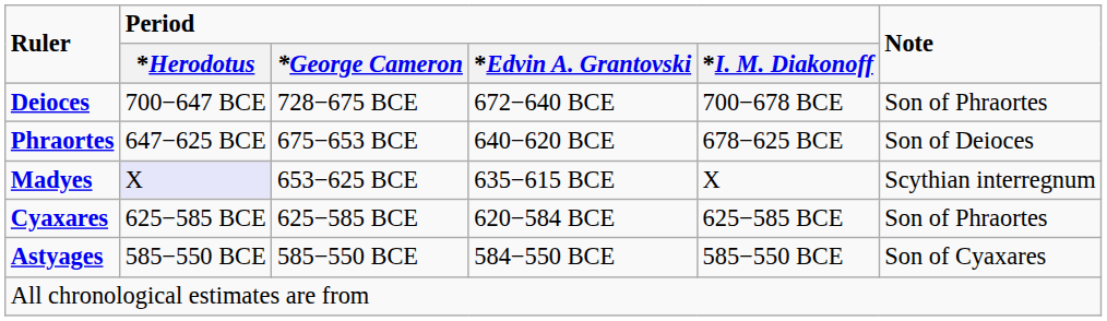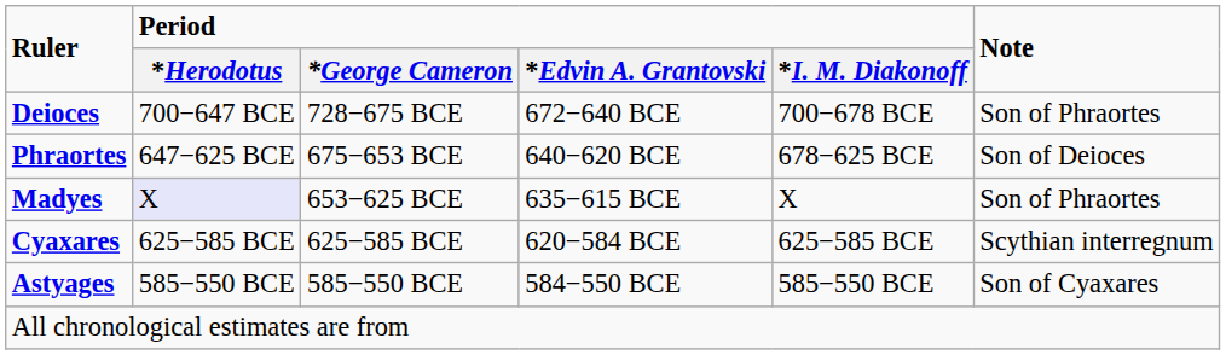 <table class="wikitable">
 <tr>
 <td rowspan="2"><strong>Ruler</strong></td>
 <td colspan="4"><strong>Period</strong></td>
 <td rowspan="2"><strong>Note</strong></td>
 </tr>
 <tr>
 <th>*<em><a href='#'>Herodotus</a></em></th>
 <th><em>*<a href='#'>George Cameron</a></em></th>
 <th>*<em><a href='#'>Edvin A. Grantovski</a></em></th>
 <th>*<em><a href='#'>I. M. Diakonoff</a></em></th>
 </tr>
 <tr>
 <td><strong><a href='#'>Deioces</a></strong></td>
 <td>700−647 BCE</td>
 <td>728−675 BCE</td>
 <td>672−640 BCE</td>
 <td>700−678 BCE</td>
 <td>Son of Phraortes</td>
 </tr>
 <tr>
 <td><strong><a href='#'>Phraortes</a></strong></td>
 <td>647−625 BCE</td>
 <td>675−653 BCE</td>
 <td>640−620 BCE</td>
 <td>678−625 BCE</td>
 <td>Son of Deioces</td>
 </tr>
 <tr>
 <td><strong><a href='#'>Madyes</a></strong></td>
 <td style="background: lavender;">X</td>
 <td>653−625 BCE</td>
 <td>635−615 BCE</td>
 <td>X</td>
-<td>Scythian interregnum</td>
+<td>Son of Phraortes</td>
 </tr>
 <tr>
 <td><strong><a href='#'>Cyaxares</a></strong></td>
 <td>625−585 BCE</td>
 <td>625−585 BCE</td>
 <td>620−584 BCE</td>
 <td>625−585 BCE</td>
-<td>Son of Phraortes</td>
+<td>Scythian interregnum</td>
 </tr>
 <tr>
 <td><strong><a href='#'>Astyages</a></strong></td>
 <td>585−550 BCE</td>
 <td>585−550 BCE</td>
 <td>584−550 BCE</td>
 <td>585−550 BCE</td>
 <td>Son of Cyaxares</td>
 </tr>
 <tr>
 <td colspan="6">All chronological estimates are from </td>
 </tr>
 </table>
